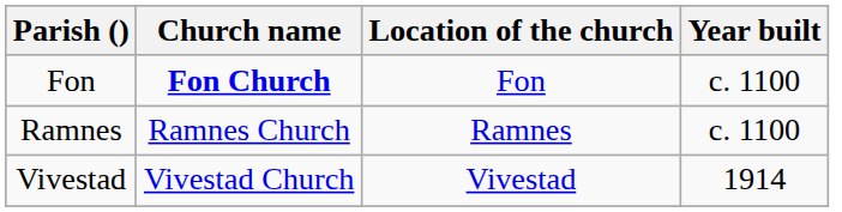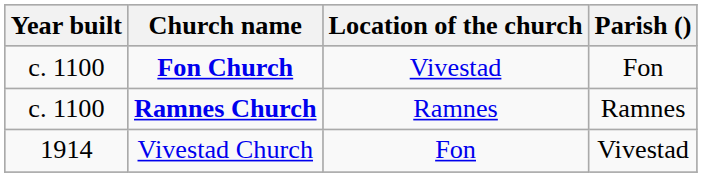 <table class="wikitable" style="text-align:center">
 <tr>
-<th>Parish ()</th>
+<th>Year built</th>
 <th>Church name</th>
 <th>Location of the church</th>
-<th>Year built</th>
+<th>Parish ()</th>
 </tr>
 <tr>
+<td>c. 1100</td>
+<td><strong><a href='#'>Fon Church</a></strong></td>
+<td><a href='#'>Vivestad</a></td>
 <td rowspan="1">Fon</td>
-<td><strong><a href='#'>Fon Church</a></strong></td>
-<td><a href='#'>Fon</a></td>
-<td>c. 1100</td>
 </tr>
 <tr>
+<td>c. 1100</td>
+<td><strong><a href='#'>Ramnes Church</a></strong></td>
+<td><a href='#'>Ramnes</a></td>
 <td rowspan="1">Ramnes</td>
-<td><a href='#'>Ramnes Church</a></td>
-<td><a href='#'>Ramnes</a></td>
-<td>c. 1100</td>
 </tr>
 <tr>
+<td>1914</td>
+<td><a href='#'>Vivestad Church</a></td>
+<td><a href='#'>Fon</a></td>
 <td rowspan="1">Vivestad</td>
-<td><a href='#'>Vivestad Church</a></td>
-<td><a href='#'>Vivestad</a></td>
-<td>1914</td>
 </tr>
 </table>
